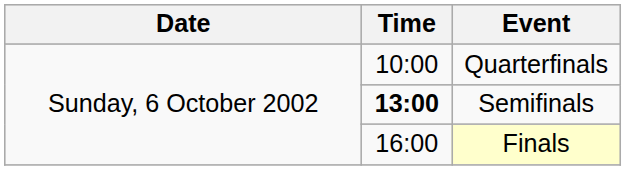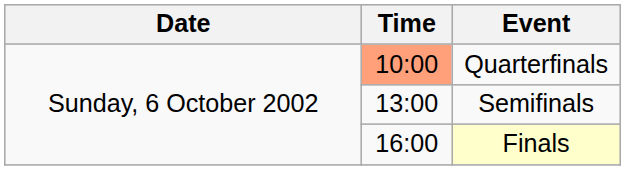 <table class = "wikitable" style="text-align:center;">
 <tr>
 <th width=220>Date</th>
 <th width=50>Time</th>
 <th width=100>Event</th>
 </tr>
 <tr>
 <td rowspan=3>Sunday, 6 October 2002</td>
-<td>10:00</td>
+<td style="background: lightsalmon;">10:00</td>
 <td>Quarterfinals</td>
 </tr>
 <tr>
-<td><strong>13:00</strong></td>
+<td>13:00</td>
 <td>Semifinals</td>
 </tr>
 <tr>
 <td>16:00</td>
 <td bgcolor=ffffcc>Finals</td>
 </tr>
 </table>
